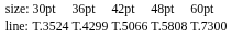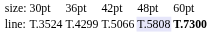 <table style="margin-left:40px;">
 <tr>
 <td>size:</td>
 <td>30pt</td>
 <td>36pt</td>
 <td>42pt</td>
 <td>48pt</td>
 <td>60pt</td>
 </tr>
 <tr>
 <td>line:</td>
 <td>T.3524</td>
 <td>T.4299</td>
 <td>T.5066</td>
-<td>T.5808</td>
-<td>T.7300</td>
+<td style="background: lavender;">T.5808</td>
+<td><strong>T.7300</strong></td>
 </tr>
 </table>
